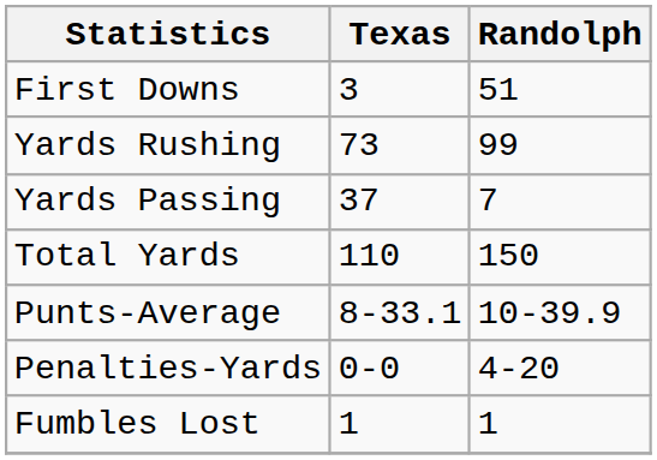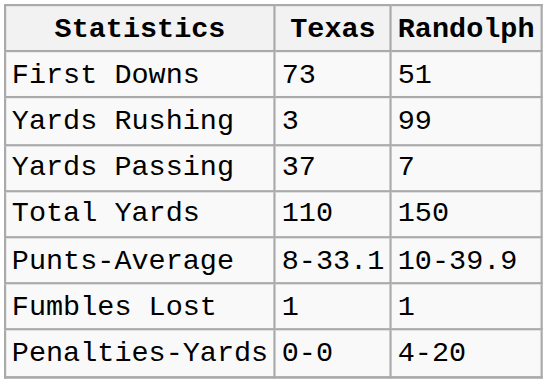 <table class="wikitable">
 <tr>
 <th>Statistics</th>
 <th>Texas</th>
 <th>Randolph</th>
 </tr>
 <tr>
 <td>First Downs</td>
-<td>3</td>
+<td>73</td>
 <td>51</td>
 </tr>
 <tr>
 <td>Yards Rushing</td>
-<td>73</td>
+<td>3</td>
 <td>99</td>
 </tr>
 <tr>
 <td>Yards Passing</td>
 <td>37</td>
 <td>7</td>
 </tr>
 <tr>
 <td>Total Yards</td>
 <td>110</td>
 <td>150</td>
 </tr>
 <tr>
 <td>Punts-Average</td>
 <td>8-33.1</td>
 <td>10-39.9</td>
 </tr>
 <tr>
+<td>Fumbles Lost</td>
+<td>1</td>
+<td>1</td>
+</tr>
+<tr>
 <td>Penalties-Yards</td>
 <td>0-0</td>
 <td>4-20</td>
 </tr>
 <tr>
-<td>Fumbles Lost</td>
-<td>1</td>
-<td>1</td>
-</tr>
-<tr>
 </tr>
 </table>
